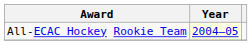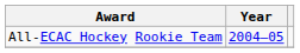 <table class="wikitable">
 <tr>
 <th>Award</th>
 <th>Year</th>
 <th></th>
 </tr>
 <tr>
 <td>All-<a href='#'>ECAC Hockey</a> <a href='#'>Rookie Team</a></td>
-<td style="background: lightyellow;"><a href='#'>2004–05</a></td>
+<td><a href='#'>2004–05</a></td>
 <td></td>
 </tr>
 <tr>
 </tr>
 </table>
